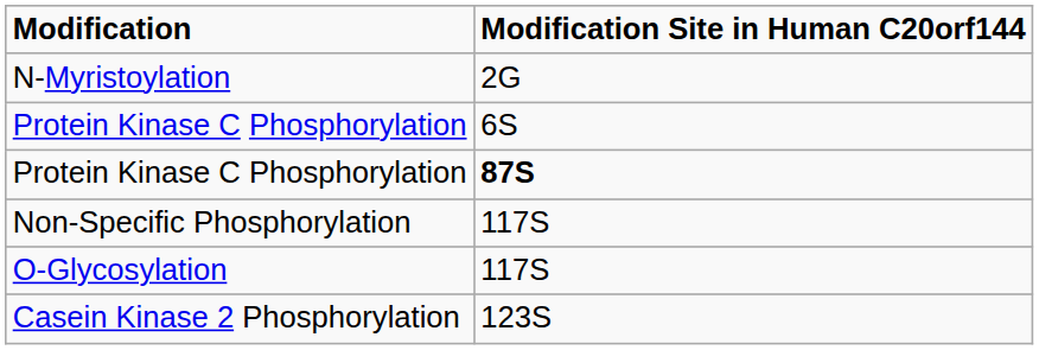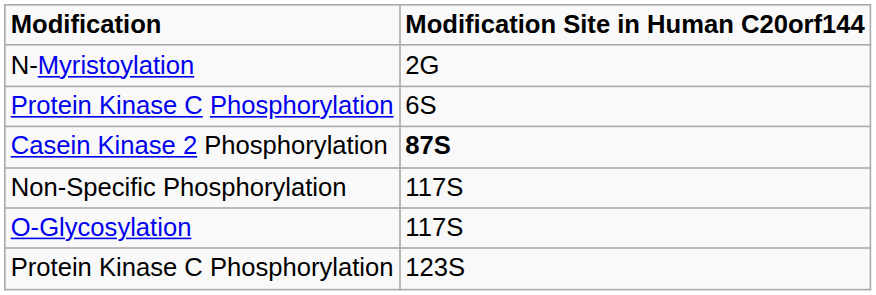 <table class="wikitable">
 <tr>
 <td><strong>Modification</strong></td>
 <td><strong>Modification  Site in Human C20orf144</strong></td>
 </tr>
 <tr>
 <td>N-<a href='#'>Myristoylation</a></td>
 <td>2G</td>
 </tr>
 <tr>
 <td><a href='#'>Protein Kinase C</a> <a href='#'>Phosphorylation</a></td>
 <td>6S</td>
 </tr>
 <tr>
-<td>Protein Kinase C Phosphorylation</td>
+<td><a href='#'>Casein Kinase 2</a> Phosphorylation</td>
 <td><strong>87S</strong></td>
 </tr>
 <tr>
 <td>Non-Specific Phosphorylation</td>
 <td>117S</td>
 </tr>
 <tr>
 <td><a href='#'>O-Glycosylation</a></td>
 <td>117S</td>
 </tr>
 <tr>
-<td><a href='#'>Casein Kinase 2</a> Phosphorylation</td>
+<td>Protein Kinase C Phosphorylation</td>
 <td>123S</td>
 </tr>
 </table>
